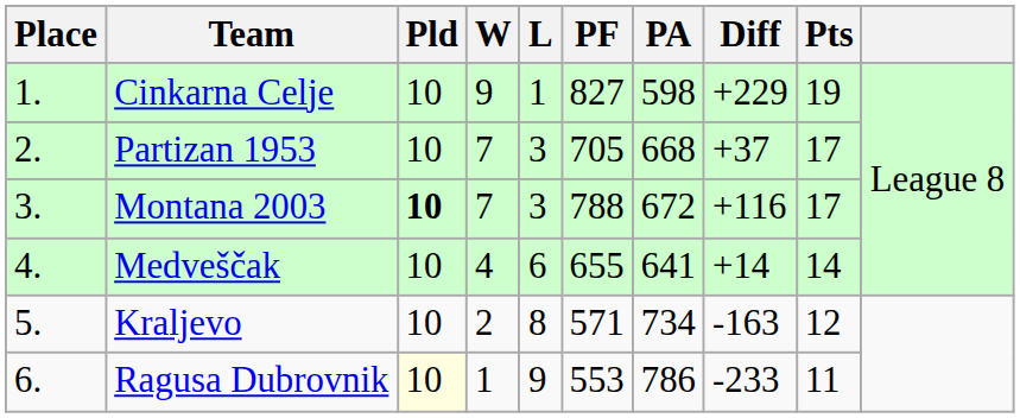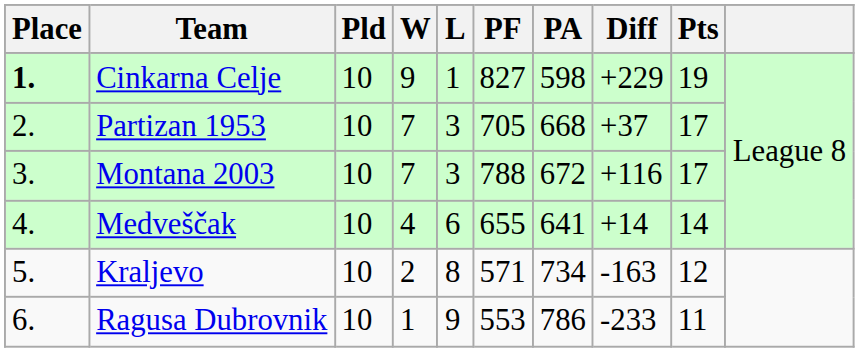 <table class="wikitable">
 <tr>
 <th>Place</th>
 <th>Team</th>
 <th>Pld</th>
 <th>W</th>
 <th>L</th>
 <th>PF</th>
 <th>PA</th>
 <th>Diff</th>
 <th>Pts</th>
 <th></th>
 </tr>
 <tr bgcolor=#ccffcc>
-<td>1.</td>
+<td><strong>1.</strong></td>
 <td> <a href='#'>Cinkarna Celje</a></td>
 <td>10</td>
 <td>9</td>
 <td>1</td>
 <td>827</td>
 <td>598</td>
 <td>+229</td>
 <td>19</td>
 <td rowspan="4">League 8</td>
 </tr>
 <tr bgcolor=#ccffcc>
 <td>2.</td>
 <td> <a href='#'>Partizan 1953</a></td>
 <td>10</td>
 <td>7</td>
 <td>3</td>
 <td>705</td>
 <td>668</td>
 <td>+37</td>
 <td>17</td>
 </tr>
 <tr bgcolor=#ccffcc>
 <td>3.</td>
 <td> <a href='#'>Montana 2003</a></td>
-<td><strong>10</strong></td>
+<td>10</td>
 <td>7</td>
 <td>3</td>
 <td>788</td>
 <td>672</td>
 <td>+116</td>
 <td>17</td>
 </tr>
 <tr bgcolor=#ccffcc>
 <td>4.</td>
 <td> <a href='#'>Medveščak</a></td>
 <td>10</td>
 <td>4</td>
 <td>6</td>
 <td>655</td>
 <td>641</td>
 <td>+14</td>
 <td>14</td>
 </tr>
 <tr>
 <td>5.</td>
 <td> <a href='#'>Kraljevo</a></td>
 <td>10</td>
 <td>2</td>
 <td>8</td>
 <td>571</td>
 <td>734</td>
 <td>-163</td>
 <td>12</td>
 <td rowspan="2"></td>
 </tr>
 <tr>
 <td>6.</td>
 <td> <a href='#'>Ragusa Dubrovnik</a></td>
-<td style="background: lightyellow;">10</td>
+<td>10</td>
 <td>1</td>
 <td>9</td>
 <td>553</td>
 <td>786</td>
 <td>-233</td>
 <td>11</td>
 </tr>
 </table>
